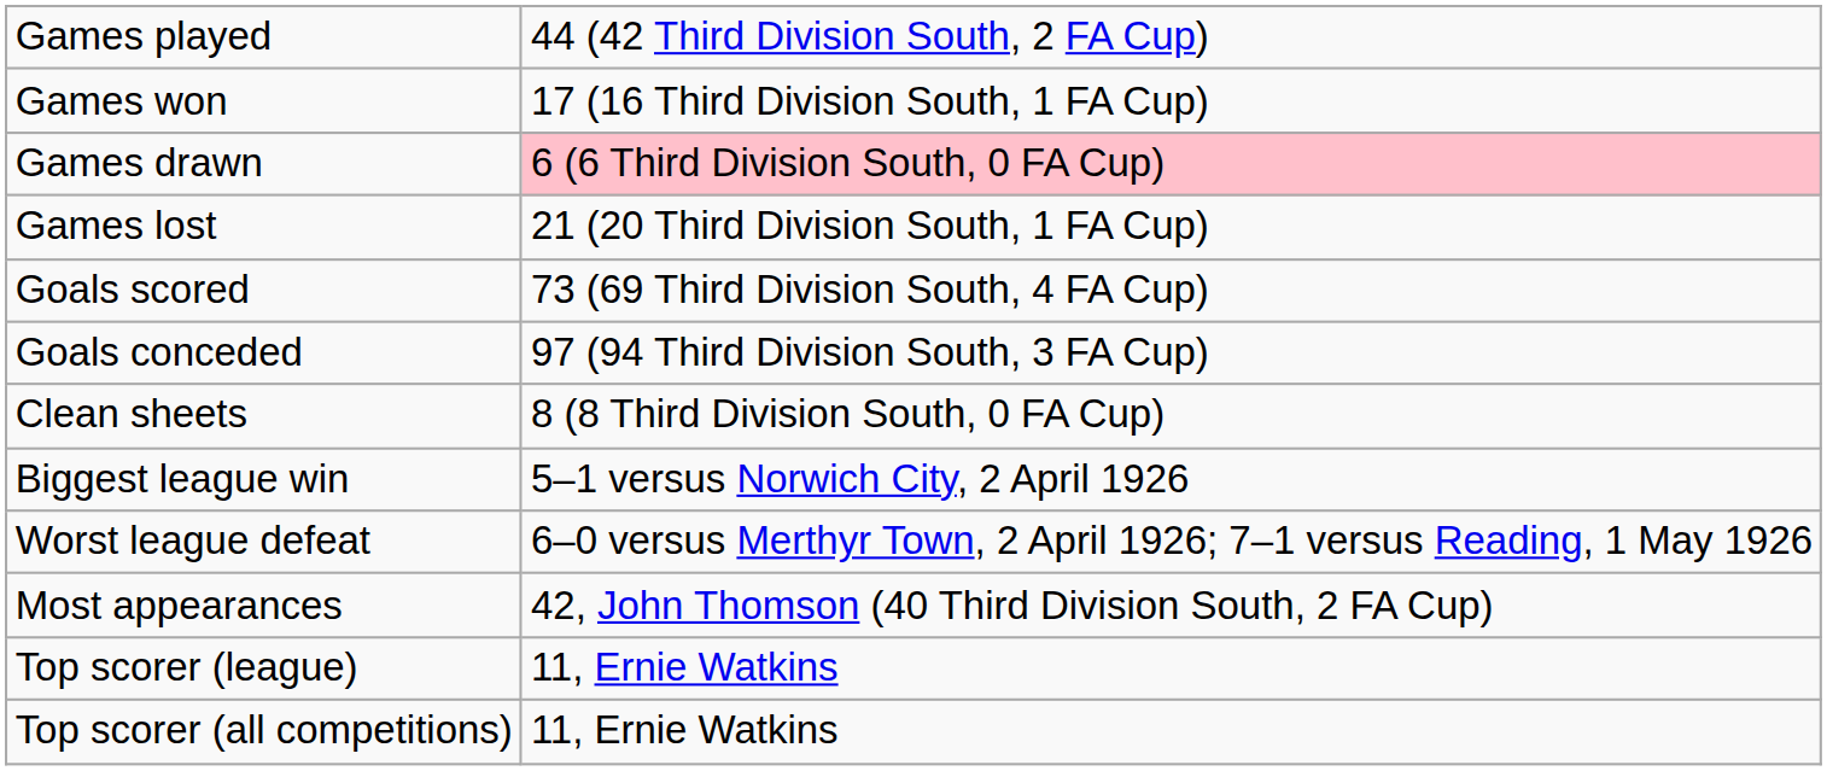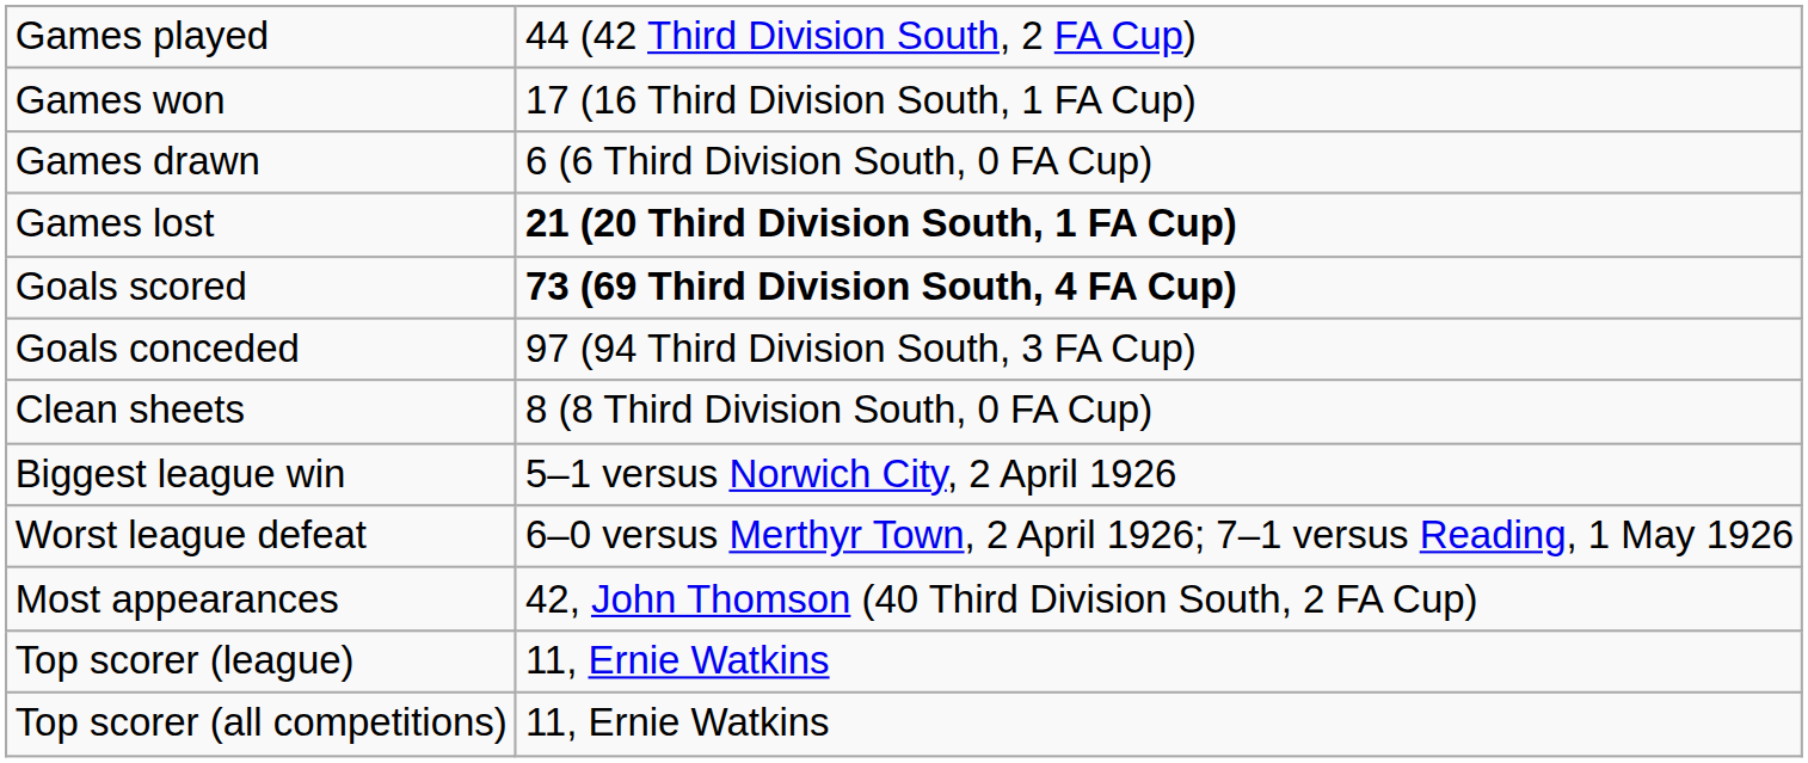 <table class="wikitable">
 <tr>
 <td>Games played</td>
 <td>44 (42 <a href='#'>Third Division South</a>, 2 <a href='#'>FA Cup</a>)</td>
 </tr>
 <tr>
 <td>Games won</td>
 <td>17 (16 Third Division South, 1 FA Cup)</td>
 </tr>
 <tr>
 <td>Games drawn</td>
-<td style="background: pink;">6 (6 Third Division South, 0 FA Cup)</td>
+<td>6 (6 Third Division South, 0 FA Cup)</td>
 </tr>
 <tr>
 <td>Games lost</td>
-<td>21 (20 Third Division South, 1 FA Cup)</td>
+<td><strong>21 (20 Third Division South, 1 FA Cup)</strong></td>
 </tr>
 <tr>
 <td>Goals scored</td>
-<td>73 (69 Third Division South, 4 FA Cup)</td>
+<td><strong>73 (69 Third Division South, 4 FA Cup)</strong></td>
 </tr>
 <tr>
 <td>Goals conceded</td>
 <td>97 (94 Third Division South, 3 FA Cup)</td>
 </tr>
 <tr>
 <td>Clean sheets</td>
 <td>8 (8 Third Division South, 0 FA Cup)</td>
 </tr>
 <tr>
 <td>Biggest league win</td>
 <td>5–1 versus <a href='#'>Norwich City</a>, 2 April 1926</td>
 </tr>
 <tr>
 <td>Worst league defeat</td>
 <td>6–0 versus <a href='#'>Merthyr Town</a>, 2 April 1926; 7–1 versus <a href='#'>Reading</a>, 1 May 1926</td>
 </tr>
 <tr>
 <td>Most appearances</td>
 <td>42, <a href='#'>John Thomson</a> (40 Third Division South, 2 FA Cup)</td>
 </tr>
 <tr>
 <td>Top scorer (league)</td>
 <td>11, <a href='#'>Ernie Watkins</a></td>
 </tr>
 <tr>
 <td>Top scorer (all competitions)</td>
 <td>11, Ernie Watkins</td>
 </tr>
 </table>
